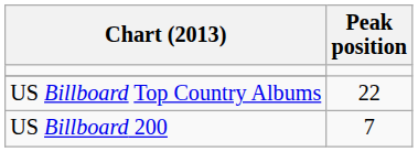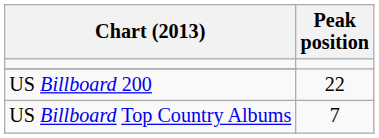 <table class="wikitable sortable">
 <tr>
 <th>Chart (2013)</th>
 <th>Peak<br>position</th>
 </tr>
 <tr>
 <td></td>
 </tr>
 <tr>
 </tr>
 <tr>
-<td>US <em><a href='#'>Billboard</a></em> <a href='#'>Top Country Albums</a></td>
+<td>US <a href='#'><em>Billboard</em> 200</a></td>
 <td style="text-align:center;">22</td>
 </tr>
 <tr>
-<td>US <a href='#'><em>Billboard</em> 200</a></td>
+<td>US <em><a href='#'>Billboard</a></em> <a href='#'>Top Country Albums</a></td>
 <td style="text-align:center;">7</td>
 </tr>
 </table>
